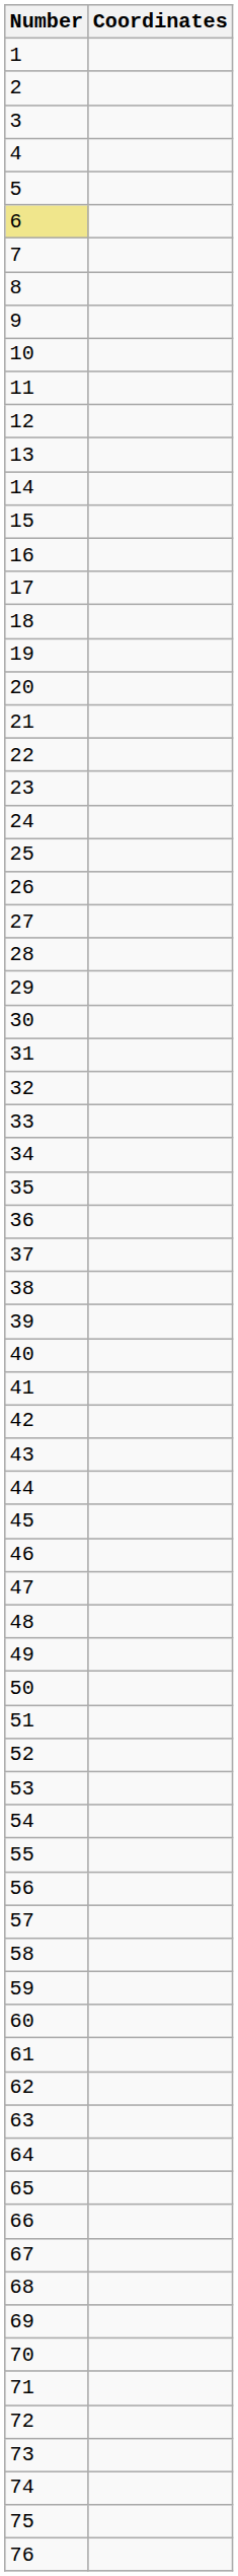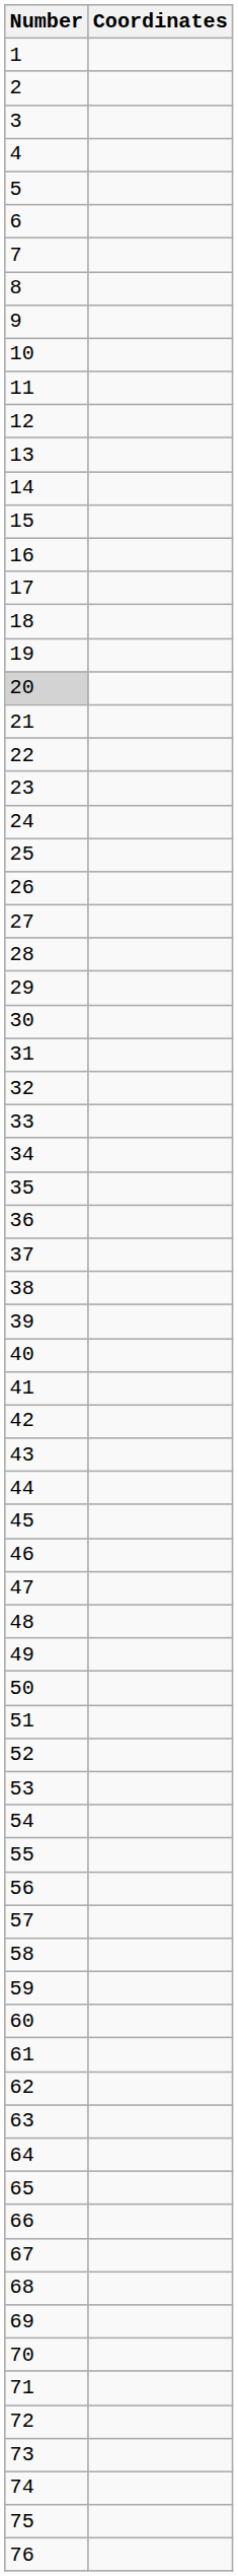 <table class="wikitable sortable">
 <tr>
 <th>Number</th>
 <th>Coordinates</th>
 </tr>
 <tr>
 <td>1</td>
 <td></td>
 </tr>
 <tr>
 <td>2</td>
 <td></td>
 </tr>
 <tr>
 <td>3</td>
 <td></td>
 </tr>
 <tr>
 <td>4</td>
 <td></td>
 </tr>
 <tr>
 <td>5</td>
 <td></td>
 </tr>
 <tr>
-<td style="background: khaki;">6</td>
+<td>6</td>
 <td></td>
 </tr>
 <tr>
 <td>7</td>
 <td></td>
 </tr>
 <tr>
 <td>8</td>
 <td></td>
 </tr>
 <tr>
 <td>9</td>
 <td></td>
 </tr>
 <tr>
 <td>10</td>
 <td></td>
 </tr>
 <tr>
 <td>11</td>
 <td></td>
 </tr>
 <tr>
 <td>12</td>
 <td></td>
 </tr>
 <tr>
 <td>13</td>
 <td></td>
 </tr>
 <tr>
 <td>14</td>
 <td></td>
 </tr>
 <tr>
 <td>15</td>
 <td></td>
 </tr>
 <tr>
 <td>16</td>
 <td></td>
 </tr>
 <tr>
 <td>17</td>
 <td></td>
 </tr>
 <tr>
 <td>18</td>
 <td></td>
 </tr>
 <tr>
 <td>19</td>
 <td></td>
 </tr>
 <tr>
-<td>20</td>
+<td style="background: lightgrey;">20</td>
 <td></td>
 </tr>
 <tr>
 <td>21</td>
 <td></td>
 </tr>
 <tr>
 <td>22</td>
 <td></td>
 </tr>
 <tr>
 <td>23</td>
 <td></td>
 </tr>
 <tr>
 <td>24</td>
 <td></td>
 </tr>
 <tr>
 <td>25</td>
 <td></td>
 </tr>
 <tr>
 <td>26</td>
 <td></td>
 </tr>
 <tr>
 <td>27</td>
 <td></td>
 </tr>
 <tr>
 <td>28</td>
 <td></td>
 </tr>
 <tr>
 <td>29</td>
 <td></td>
 </tr>
 <tr>
 <td>30</td>
 <td></td>
 </tr>
 <tr>
 <td>31</td>
 <td></td>
 </tr>
 <tr>
 <td>32</td>
 <td></td>
 </tr>
 <tr>
 <td>33</td>
 <td></td>
 </tr>
 <tr>
 <td>34</td>
 <td></td>
 </tr>
 <tr>
 <td>35</td>
 <td></td>
 </tr>
 <tr>
 <td>36</td>
 <td></td>
 </tr>
 <tr>
 <td>37</td>
 <td></td>
 </tr>
 <tr>
 <td>38</td>
 <td></td>
 </tr>
 <tr>
 <td>39</td>
 <td></td>
 </tr>
 <tr>
 <td>40</td>
 <td></td>
 </tr>
 <tr>
 <td>41</td>
 <td></td>
 </tr>
 <tr>
 <td>42</td>
 <td></td>
 </tr>
 <tr>
 <td>43</td>
 <td></td>
 </tr>
 <tr>
 <td>44</td>
 <td></td>
 </tr>
 <tr>
 <td>45</td>
 <td></td>
 </tr>
 <tr>
 <td>46</td>
 <td></td>
 </tr>
 <tr>
 <td>47</td>
 <td></td>
 </tr>
 <tr>
 <td>48</td>
 <td></td>
 </tr>
 <tr>
 <td>49</td>
 <td></td>
 </tr>
 <tr>
 <td>50</td>
 <td></td>
 </tr>
 <tr>
 <td>51</td>
 <td></td>
 </tr>
 <tr>
 <td>52</td>
 <td></td>
 </tr>
 <tr>
 <td>53</td>
 <td></td>
 </tr>
 <tr>
 <td>54</td>
 <td></td>
 </tr>
 <tr>
 <td>55</td>
 <td></td>
 </tr>
 <tr>
 <td>56</td>
 <td></td>
 </tr>
 <tr>
 <td>57</td>
 <td></td>
 </tr>
 <tr>
 <td>58</td>
 <td></td>
 </tr>
 <tr>
 <td>59</td>
 <td></td>
 </tr>
 <tr>
 <td>60</td>
 <td></td>
 </tr>
 <tr>
 <td>61</td>
 <td></td>
 </tr>
 <tr>
 <td>62</td>
 <td></td>
 </tr>
 <tr>
 <td>63</td>
 <td></td>
 </tr>
 <tr>
 <td>64</td>
 <td></td>
 </tr>
 <tr>
 <td>65</td>
 <td></td>
 </tr>
 <tr>
 <td>66</td>
 <td></td>
 </tr>
 <tr>
 <td>67</td>
 <td></td>
 </tr>
 <tr>
 <td>68</td>
 <td></td>
 </tr>
 <tr>
 <td>69</td>
 <td></td>
 </tr>
 <tr>
 <td>70</td>
 <td></td>
 </tr>
 <tr>
 <td>71</td>
 <td></td>
 </tr>
 <tr>
 <td>72</td>
 <td></td>
 </tr>
 <tr>
 <td>73</td>
 <td></td>
 </tr>
 <tr>
 <td>74</td>
 <td></td>
 </tr>
 <tr>
 <td>75</td>
 <td></td>
 </tr>
 <tr>
 <td>76</td>
 <td></td>
 </tr>
 </table>
